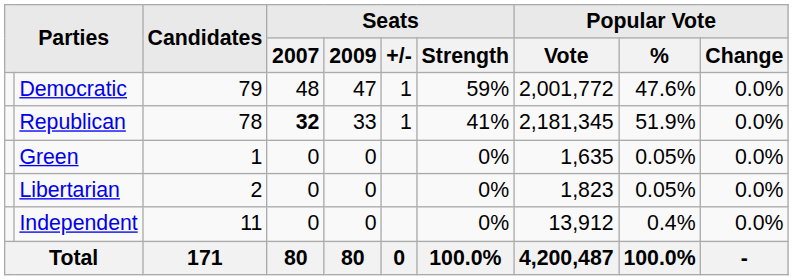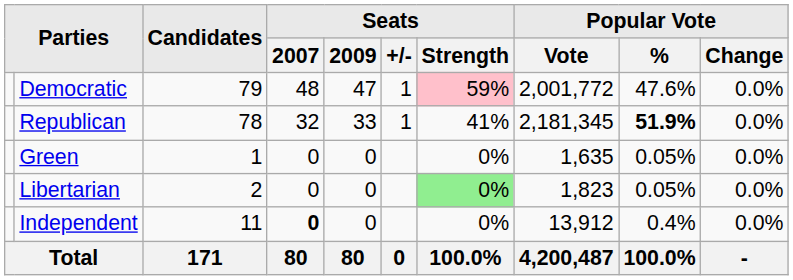 <table class=wikitable>
 <tr>
 <th style="background-color:#E9E9E9" align=center rowspan= 2 colspan=2>Parties</th>
 <th style="background-color:#E9E9E9" align=center rowspan= 2>Candidates</th>
 <th style="background-color:#E9E9E9" align=center colspan=4>Seats</th>
 <th style="background-color:#E9E9E9" align=center colspan=3>Popular Vote</th>
 </tr>
 <tr>
 <th align=center>2007</th>
 <th align=center>2009</th>
 <th align=center>+/-</th>
 <th align=center>Strength</th>
 <th align=center>Vote</th>
 <th align=center>%</th>
 <th align=center>Change</th>
 </tr>
 <tr>
 <td></td>
 <td align=left><a href='#'>Democratic</a></td>
 <td align=right>79</td>
 <td align=right >48</td>
 <td align=right >47</td>
 <td align=right> 1</td>
-<td align=right >59%</td>
+<td align=right  style="background: pink;">59%</td>
 <td align=right >2,001,772</td>
 <td align=right >47.6%</td>
 <td align=right>0.0%</td>
 </tr>
 <tr>
 <td></td>
 <td align=left><a href='#'>Republican</a></td>
 <td align=right>78</td>
-<td align=right><strong>32</strong></td>
+<td align=right>32</td>
 <td align=right>33</td>
 <td align=right> 1</td>
 <td align=right>41%</td>
 <td align=right>2,181,345</td>
-<td align=right>51.9%</td>
+<td align=right><strong>51.9%</strong></td>
 <td align=right>0.0%</td>
 </tr>
 <tr>
 <td></td>
 <td><a href='#'>Green</a></td>
 <td align=right>1</td>
 <td align=right>0</td>
 <td align=right>0</td>
 <td align=right></td>
 <td align=right>0%</td>
 <td align=right>1,635</td>
 <td align=right>0.05%</td>
 <td align=right>0.0%</td>
 </tr>
 <tr>
 <td></td>
 <td><a href='#'>Libertarian</a></td>
 <td align=right>2</td>
 <td align=right>0</td>
 <td align=right>0</td>
 <td align=right></td>
-<td align=right>0%</td>
+<td align=right style="background: lightgreen;">0%</td>
 <td align=right>1,823</td>
 <td align=right>0.05%</td>
 <td align=right>0.0%</td>
 </tr>
 <tr>
 <td></td>
 <td><a href='#'>Independent</a></td>
 <td align=right>11</td>
-<td align=right>0</td>
+<td align=right><strong>0</strong></td>
 <td align=right>0</td>
 <td align=right></td>
 <td align=right>0%</td>
 <td align=right>13,912</td>
 <td align=right>0.4%</td>
 <td align=right>0.0%</td>
 </tr>
 <tr>
 <th align=center colspan="2">Total</th>
 <th align=center>171</th>
 <th align=center>80</th>
 <th align=center>80</th>
 <th align=center>0</th>
 <th align=center>100.0%</th>
 <th align=center>4,200,487</th>
 <th align=center>100.0%</th>
 <th align=center>-</th>
 </tr>
 </table>
